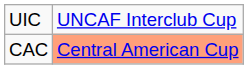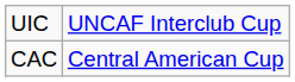 <table class="wikitable" style="font-size:90%;">
 <tr>
 <td>UIC</td>
 <td><a href='#'>UNCAF Interclub Cup</a></td>
 </tr>
 <tr>
 <td>CAC</td>
-<td style="background: lightsalmon;"><a href='#'>Central American Cup</a></td>
+<td><a href='#'>Central American Cup</a></td>
 </tr>
 </table>
